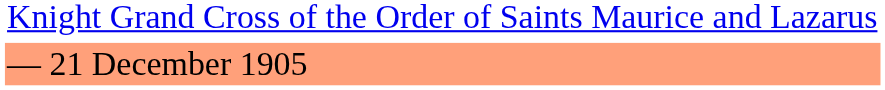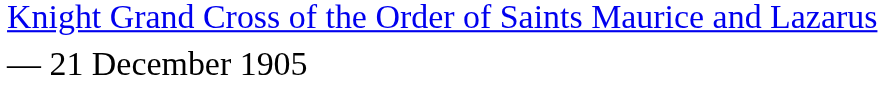 <table>
 <tr>
 <td rowspan=2 style="width:60px; vertical-align:top;"></td>
 <td><a href='#'>Knight Grand Cross of the Order of Saints Maurice and Lazarus</a></td>
 </tr>
 <tr>
-<td style="background: lightsalmon;">— 21 December 1905</td>
+<td>— 21 December 1905</td>
 </tr>
 </table>
